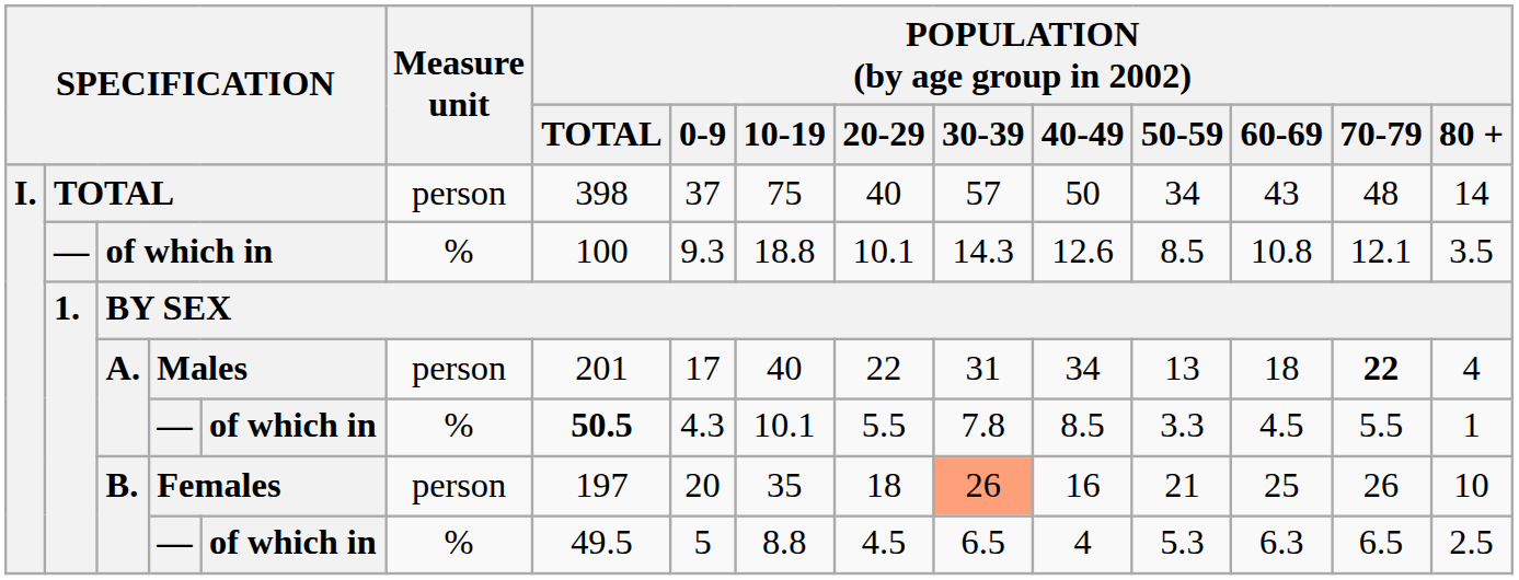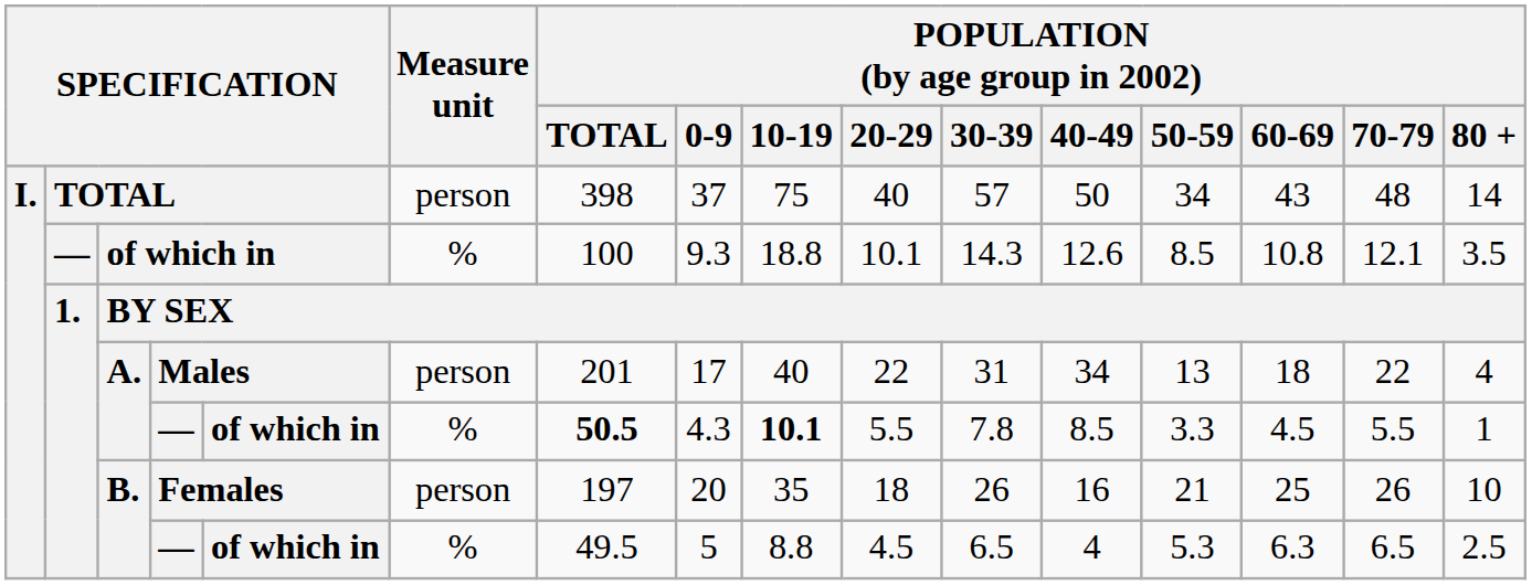 <table class="wikitable" style="font-size:85%; text-align:center">
 <tr>
 <th rowspan="2" colspan="5">SPECIFICATION</th>
 <th rowspan="2">Measure<br> unit</th>
 <th colspan="10" rowspan="1">POPULATION<br> (by age group in 2002)</th>
 </tr>
 <tr>
 <th>TOTAL</th>
 <th>0-9</th>
 <th>10-19</th>
 <th>20-29</th>
 <th>30-39</th>
 <th>40-49</th>
 <th>50-59</th>
 <th>60-69</th>
 <th>70-79</th>
 <th>80 +</th>
 </tr>
 <tr>
 <th style="text-align:left" valign="top" rowspan="7">I.</th>
 <th style="text-align:left" colspan="4">TOTAL</th>
 <td>person</td>
 <td>398</td>
 <td>37</td>
 <td>75</td>
 <td>40</td>
 <td>57</td>
 <td>50</td>
 <td>34</td>
 <td>43</td>
 <td>48</td>
 <td>14</td>
 </tr>
 <tr>
 <th style="text-align:left" valign="top">—</th>
 <th style="text-align:left" colspan="3">of which in</th>
 <td>%</td>
 <td>100</td>
 <td>9.3</td>
 <td>18.8</td>
 <td>10.1</td>
 <td>14.3</td>
 <td>12.6</td>
 <td>8.5</td>
 <td>10.8</td>
 <td>12.1</td>
 <td>3.5</td>
 </tr>
 <tr>
 <th style="text-align:left" valign="top" rowspan="5">1.</th>
 <th style="text-align:left" colspan="14">BY SEX</th>
 </tr>
 <tr>
 <th style="text-align:left" valign="top" rowspan="2">A.</th>
 <th style="text-align:left" colspan="2">Males</th>
 <td>person</td>
 <td>201</td>
 <td>17</td>
 <td>40</td>
 <td>22</td>
 <td>31</td>
 <td>34</td>
 <td>13</td>
 <td>18</td>
-<td><strong>22</strong></td>
+<td>22</td>
 <td>4</td>
 </tr>
 <tr>
 <th style="text-align:left" valign="top">—</th>
 <th style="text-align:left" colspan="1">of which in</th>
 <td>%</td>
 <td><strong>50.5</strong></td>
 <td>4.3</td>
-<td>10.1</td>
+<td><strong>10.1</strong></td>
 <td>5.5</td>
 <td>7.8</td>
 <td>8.5</td>
 <td>3.3</td>
 <td>4.5</td>
 <td>5.5</td>
 <td>1</td>
 </tr>
 <tr>
 <th style="text-align:left" valign="top" rowspan="2">B.</th>
 <th style="text-align:left" colspan="2">Females</th>
 <td>person</td>
 <td>197</td>
 <td>20</td>
 <td>35</td>
 <td>18</td>
-<td style="background: lightsalmon;">26</td>
+<td>26</td>
 <td>16</td>
 <td>21</td>
 <td>25</td>
 <td>26</td>
 <td>10</td>
 </tr>
 <tr>
 <th style="text-align:left" valign="top">—</th>
 <th style="text-align:left" colspan="1">of which in</th>
 <td>%</td>
 <td>49.5</td>
 <td>5</td>
 <td>8.8</td>
 <td>4.5</td>
 <td>6.5</td>
 <td>4</td>
 <td>5.3</td>
 <td>6.3</td>
 <td>6.5</td>
 <td>2.5</td>
 </tr>
 </table>
